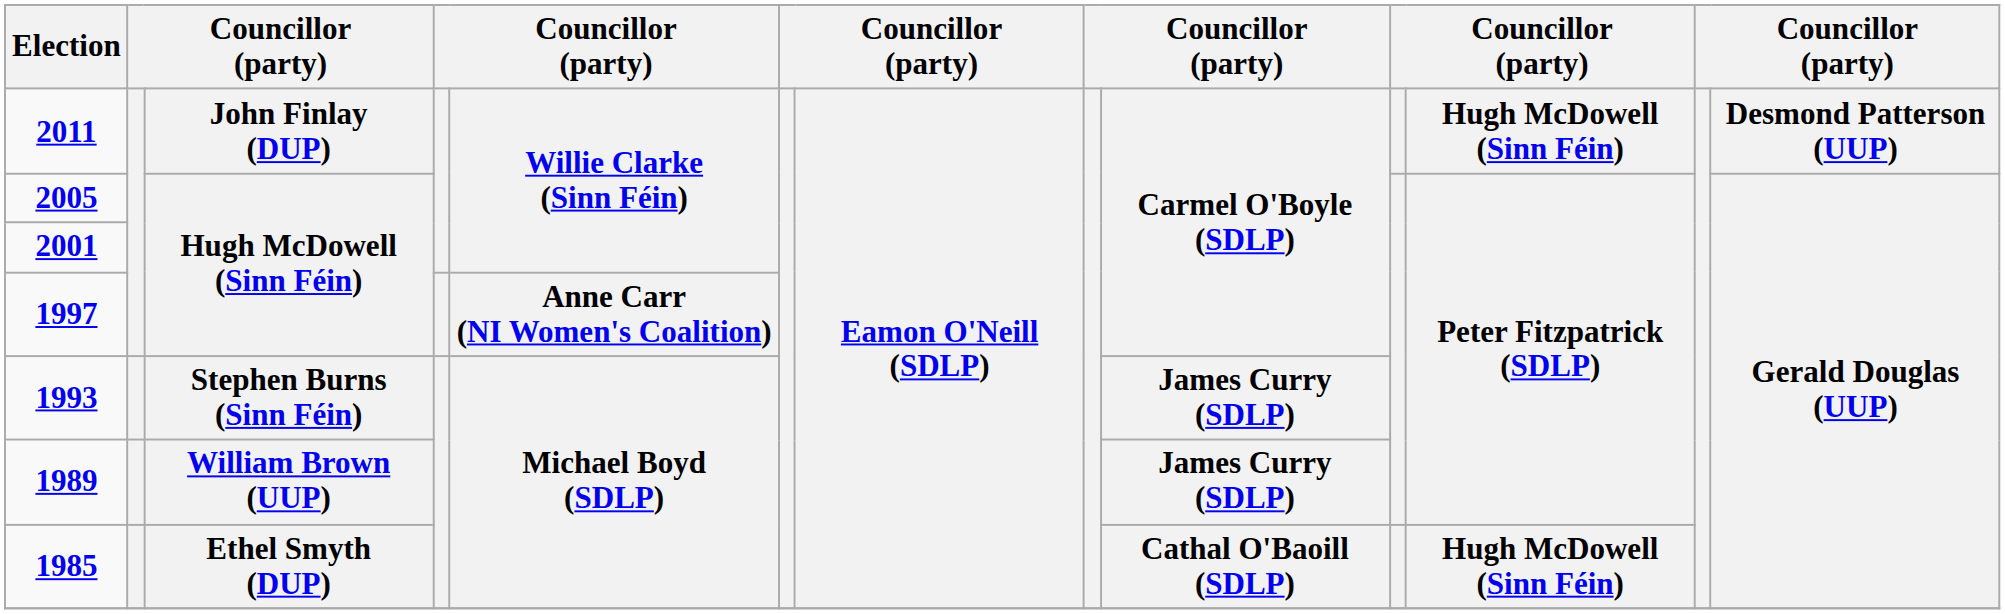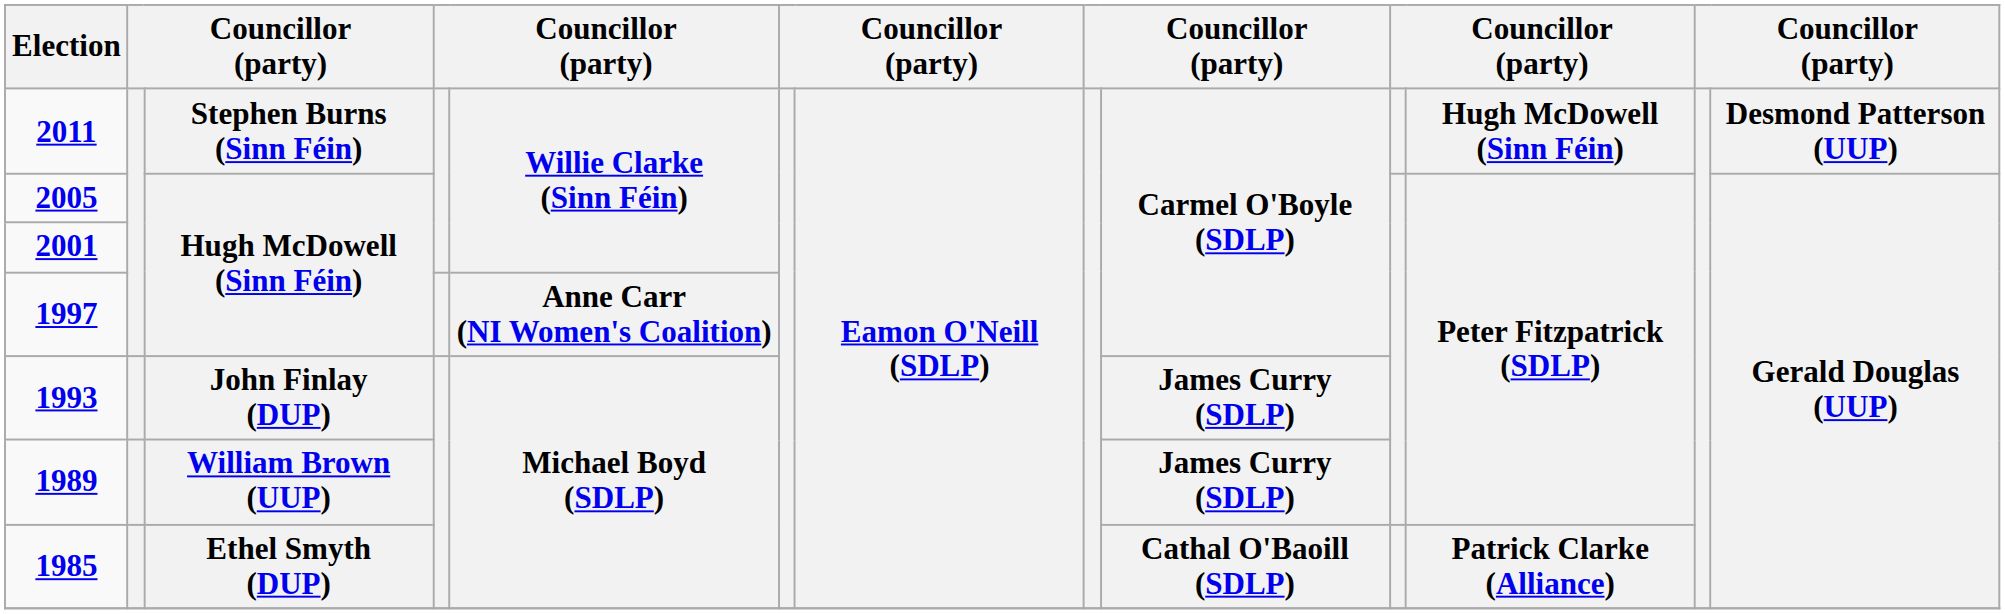 <table class="wikitable" style="text-align:center">
 <tr>
 <th scope="col" width="50">Election</th>
 <th scope="col" width="150" colspan = "2">Councillor<br> (party)</th>
 <th scope="col" width="150" colspan = "2">Councillor<br> (party)</th>
 <th scope="col" width="150" colspan = "2">Councillor<br> (party)</th>
 <th scope="col" width="150" colspan = "2">Councillor<br> (party)</th>
 <th scope="col" width="150" colspan = "2">Councillor<br> (party)</th>
 <th scope="col" width="150" colspan = "2">Councillor<br> (party)</th>
 </tr>
 <tr>
 <td><strong><a href='#'>2011</a></strong></td>
 <th rowspan="4" width="1" style="background-color: "></th>
-<th rowspan = "1">John Finlay <br> (<a href='#'>DUP</a>)</th>
+<th rowspan = "1">Stephen Burns <br> (<a href='#'>Sinn Féin</a>)</th>
 <th rowspan="3" width="1" style="background-color: "></th>
 <th rowspan = "3"><a href='#'>Willie Clarke</a> <br> (<a href='#'>Sinn Féin</a>)</th>
 <th rowspan="7" width="1" style="background-color: "></th>
 <th rowspan = "7"><a href='#'>Eamon O'Neill</a> <br> (<a href='#'>SDLP</a>)</th>
 <th rowspan="7" width="1" style="background-color: "></th>
 <th rowspan = "4">Carmel O'Boyle <br> (<a href='#'>SDLP</a>)</th>
 <th rowspan="1" width="1" style="background-color: "></th>
 <th rowspan = "1">Hugh McDowell <br> (<a href='#'>Sinn Féin</a>)</th>
 <th rowspan="7" width="1" style="background-color: "></th>
 <th rowspan = "1">Desmond Patterson <br> (<a href='#'>UUP</a>)</th>
 </tr>
 <tr>
 <td><strong><a href='#'>2005</a></strong></td>
 <th rowspan = "3">Hugh McDowell <br> (<a href='#'>Sinn Féin</a>)</th>
 <th rowspan="5" width="1" style="background-color: "></th>
 <th rowspan = "5">Peter Fitzpatrick <br> (<a href='#'>SDLP</a>)</th>
 <th rowspan = "6">Gerald Douglas <br> (<a href='#'>UUP</a>)</th>
 </tr>
 <tr>
 <td><strong><a href='#'>2001</a></strong></td>
 </tr>
 <tr>
 <td><strong><a href='#'>1997</a></strong></td>
 <th rowspan="1" width="1" style="background-color: "></th>
 <th rowspan = "1">Anne Carr <br> (<a href='#'>NI Women's Coalition</a>)</th>
 </tr>
 <tr>
 <td><strong><a href='#'>1993</a></strong></td>
 <th rowspan="1" width="1" style="background-color: "></th>
-<th rowspan = "1">Stephen Burns <br> (<a href='#'>Sinn Féin</a>)</th>
+<th rowspan = "1">John Finlay <br> (<a href='#'>DUP</a>)</th>
 <th rowspan="3" width="1" style="background-color: "></th>
 <th rowspan = "3">Michael Boyd <br> (<a href='#'>SDLP</a>)</th>
 <th rowspan = "1">James Curry <br> (<a href='#'>SDLP</a>)</th>
 </tr>
 <tr>
 <td><strong><a href='#'>1989</a></strong></td>
 <th rowspan="1" width="1" style="background-color: "></th>
 <th rowspan = "1"><a href='#'>William Brown</a> <br> (<a href='#'>UUP</a>)</th>
 <th rowspan = "1">James Curry <br> (<a href='#'>SDLP</a>)</th>
 </tr>
 <tr>
 <td><strong><a href='#'>1985</a></strong></td>
 <th rowspan="1" width="1" style="background-color: "></th>
 <th rowspan = "1">Ethel Smyth <br> (<a href='#'>DUP</a>)</th>
 <th rowspan = "1">Cathal O'Baoill <br> (<a href='#'>SDLP</a>)</th>
 <th rowspan="1" width="1" style="background-color: "></th>
-<th rowspan = "1">Hugh McDowell <br> (<a href='#'>Sinn Féin</a>)</th>
+<th rowspan = "1">Patrick Clarke <br> (<a href='#'>Alliance</a>)</th>
 </tr>
 <tr>
 </tr>
 </table>
